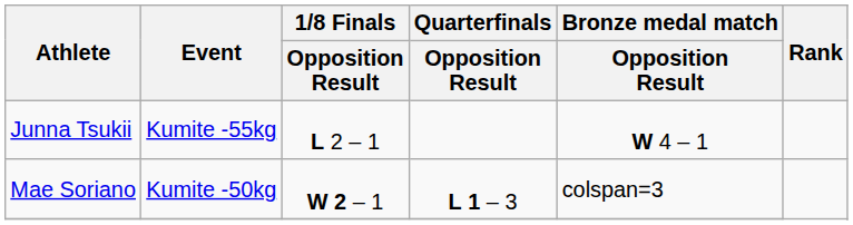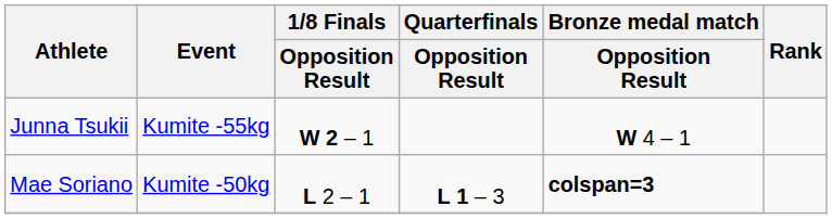 <table class=wikitable style="font-size:90%">
 <tr>
 <th rowspan=2>Athlete</th>
 <th rowspan=2>Event</th>
 <th>1/8 Finals</th>
 <th>Quarterfinals</th>
 <th>Bronze medal match</th>
 <th rowspan=2>Rank</th>
 </tr>
 <tr>
 <th>Opposition<br>Result</th>
 <th>Opposition<br>Result</th>
 <th>Opposition<br>Result</th>
 </tr>
 <tr>
 <td><a href='#'>Junna Tsukii</a></td>
 <td><a href='#'>Kumite -55kg</a></td>
-<td align=center> <br> <strong>L</strong> 2 – 1</td>
+<td align=center> <br> <strong>W</strong> <strong>2</strong> – 1</td>
 <td></td>
 <td align=center> <br> <strong>W</strong> 4 – 1</td>
 <td align=center></td>
 </tr>
 <tr>
 <td><a href='#'>Mae Soriano</a></td>
 <td><a href='#'>Kumite -50kg</a></td>
-<td align=center> <br> <strong>W</strong> <strong>2</strong> – 1</td>
+<td align=center> <br> <strong>L</strong> 2 – 1</td>
 <td align=center> <br> <strong>L</strong> <strong>1</strong> – 3</td>
-<td>colspan=3 </td>
+<td><strong>colspan=3 </strong></td>
 </tr>
 <tr>
 </tr>
 </table>
